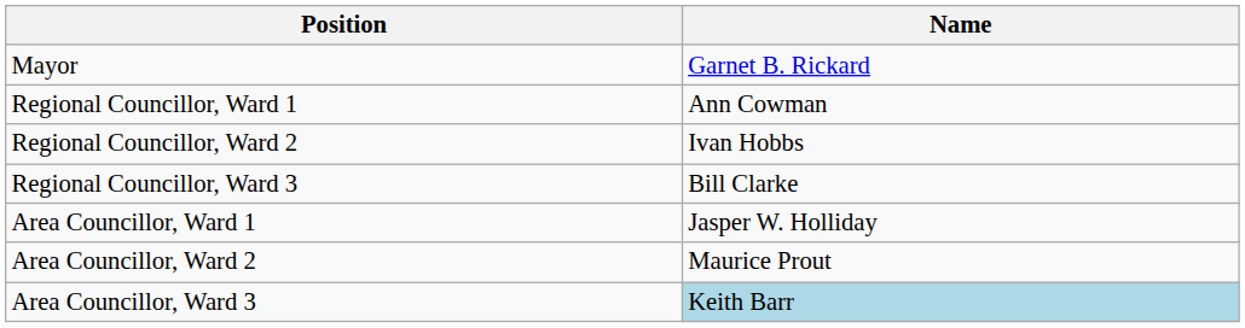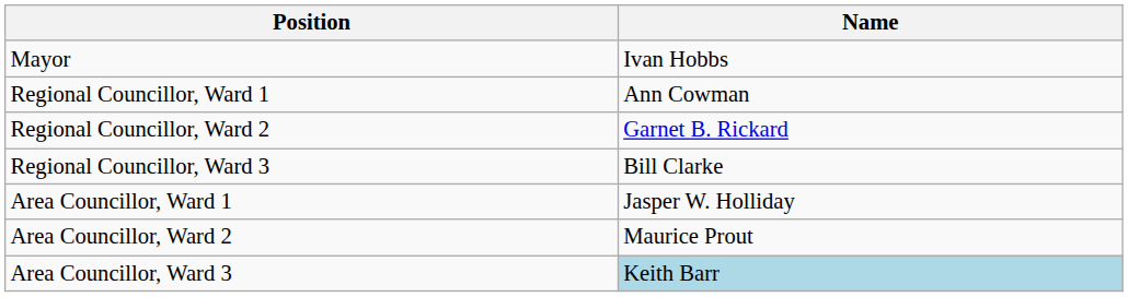 <table class="wikitable" style="width:50%;">
 <tr>
 <th bgcolor="#DDDDFF" width="50px">Position</th>
 <th bgcolor="#DDDDFF" width="50px">Name</th>
 </tr>
 <tr>
 <td>Mayor</td>
-<td><a href='#'>Garnet B. Rickard</a></td>
+<td>Ivan Hobbs</td>
 </tr>
 <tr>
 <td>Regional Councillor, Ward 1</td>
 <td>Ann Cowman</td>
 </tr>
 <tr>
 <td>Regional Councillor, Ward 2</td>
-<td>Ivan Hobbs</td>
+<td><a href='#'>Garnet B. Rickard</a></td>
 </tr>
 <tr>
 <td>Regional Councillor, Ward 3</td>
 <td>Bill Clarke</td>
 </tr>
 <tr>
 <td>Area Councillor, Ward 1</td>
 <td>Jasper W. Holliday</td>
 </tr>
 <tr>
 <td>Area Councillor, Ward 2</td>
 <td>Maurice Prout</td>
 </tr>
 <tr>
 <td>Area Councillor, Ward 3</td>
 <td style="background: lightblue;">Keith Barr</td>
 </tr>
 </table>
